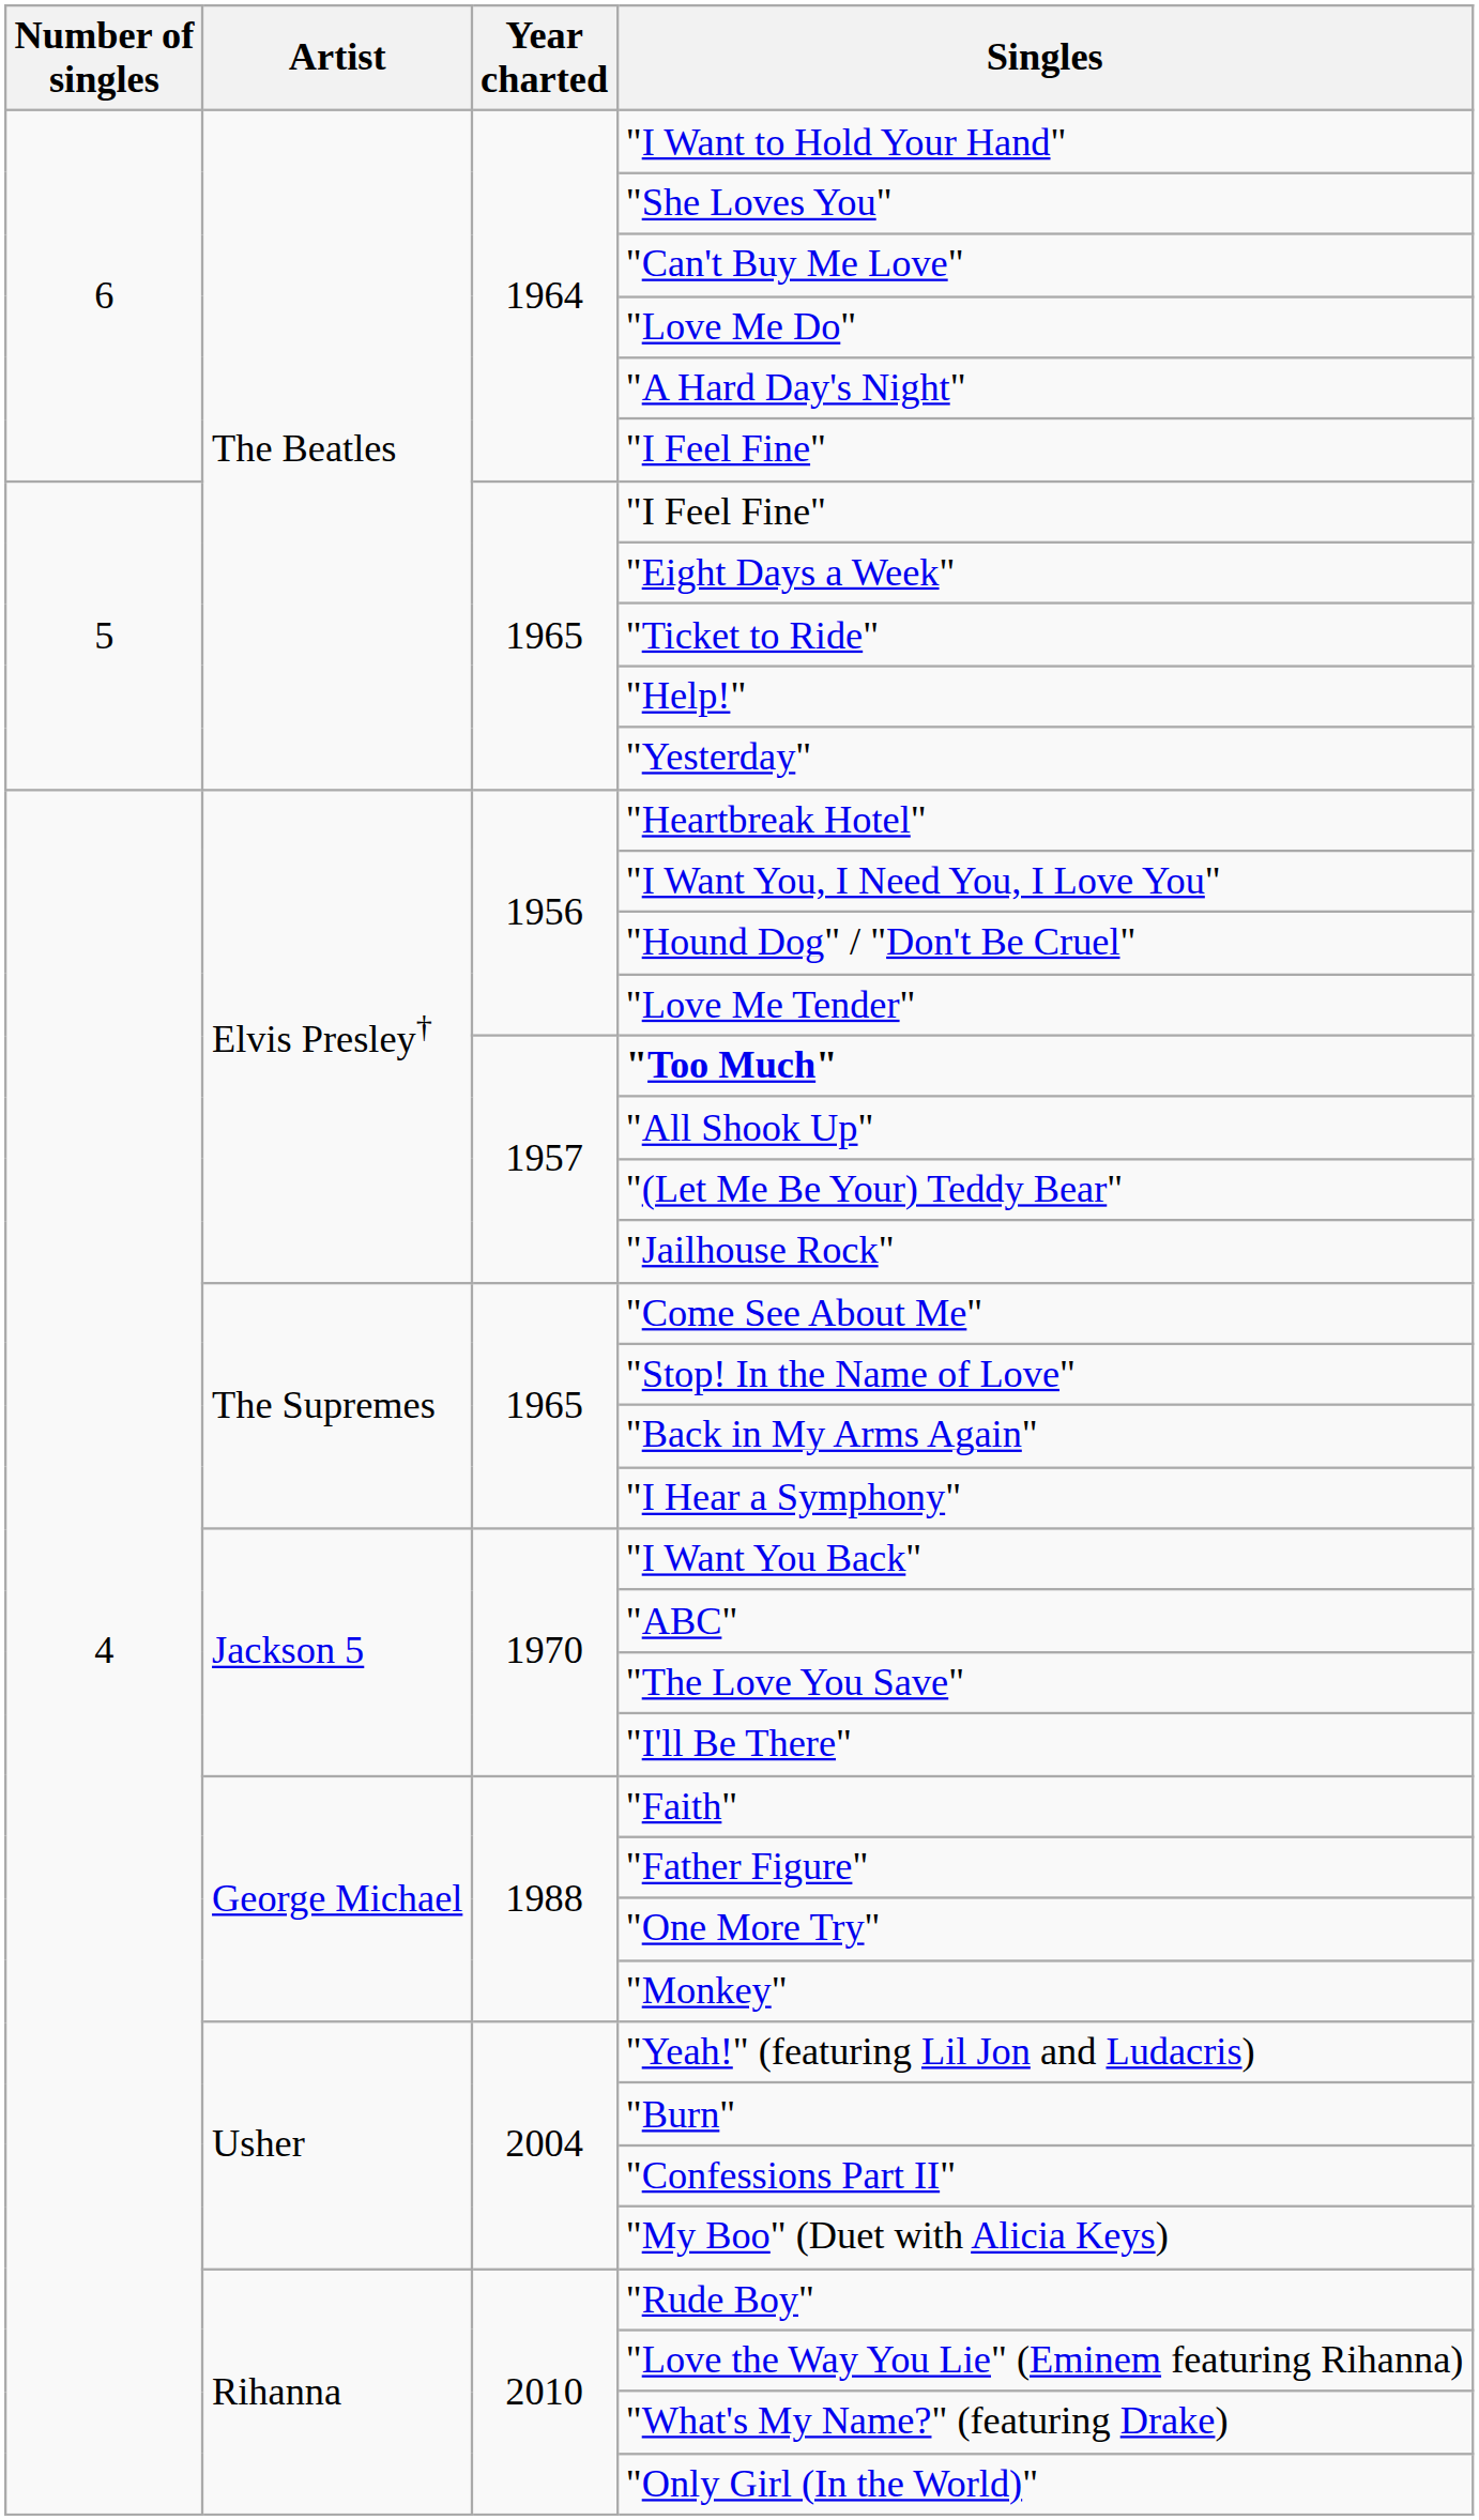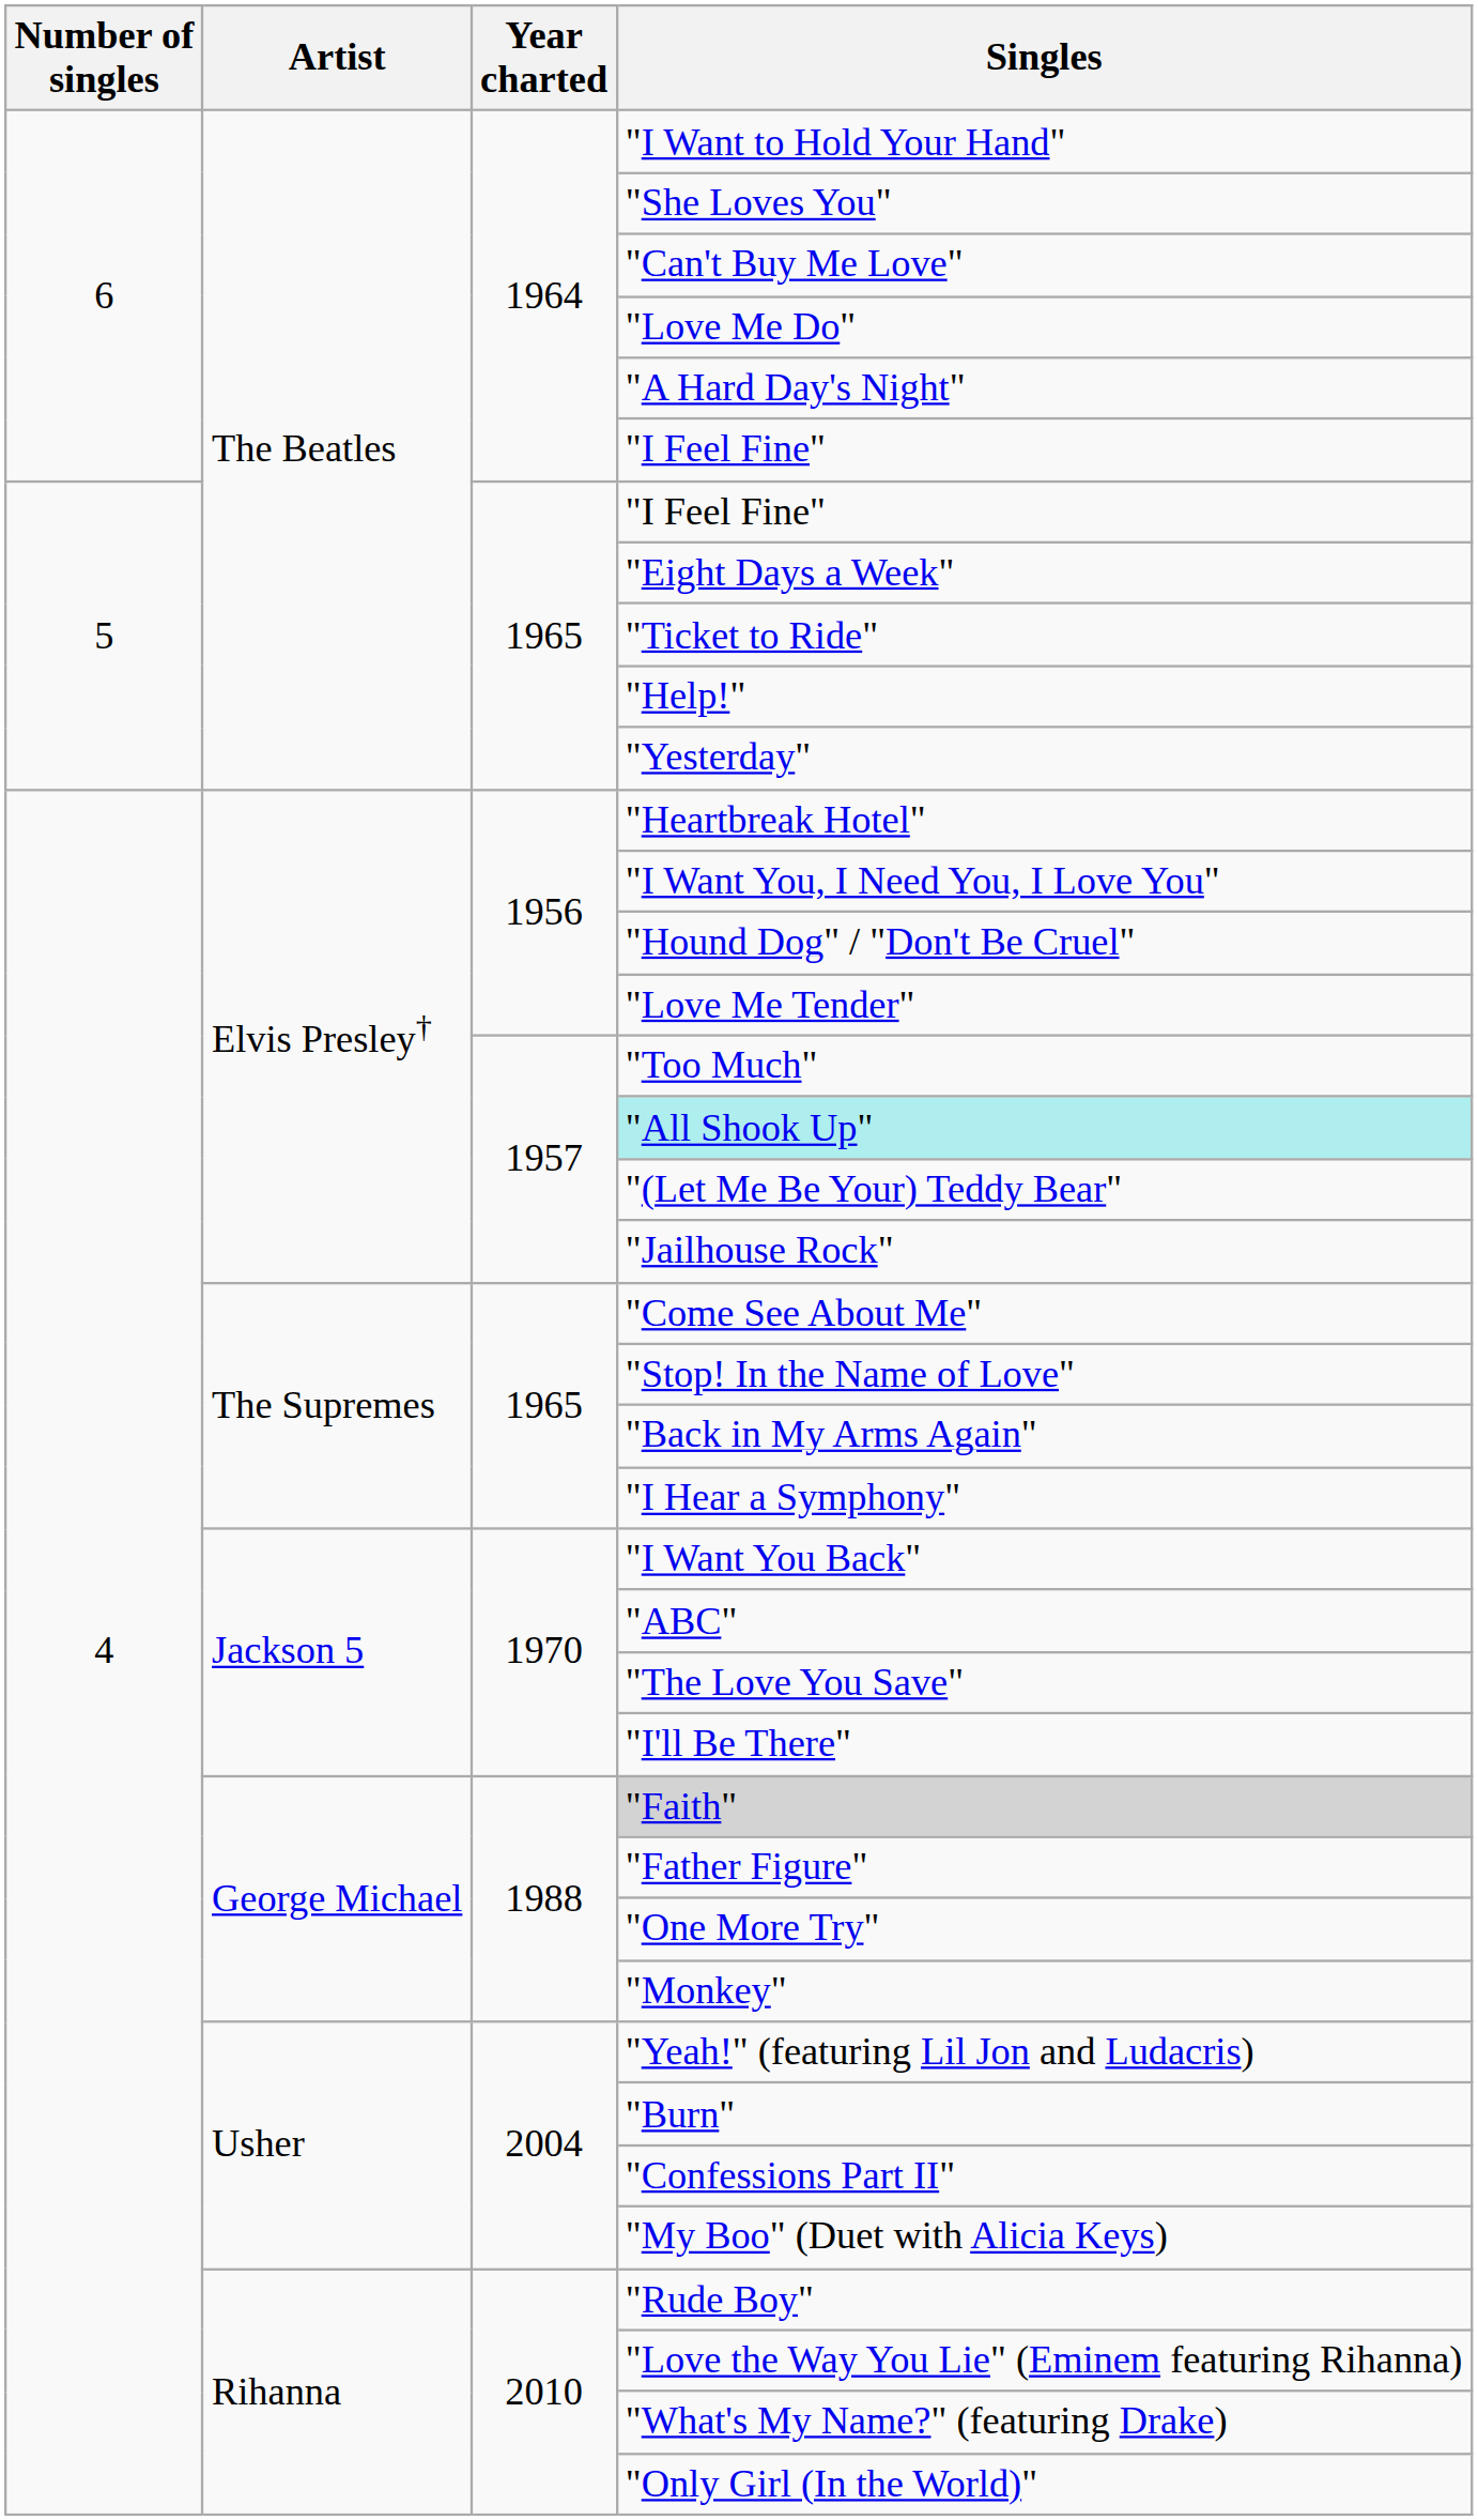 <table class="wikitable">
 <tr>
 <th>Number of<br>singles</th>
 <th>Artist</th>
 <th>Year<br>charted</th>
 <th>Singles</th>
 </tr>
 <tr>
 <td rowspan=6 style="text-align:center;">6</td>
 <td rowspan=11>The Beatles</td>
 <td rowspan=6 style="text-align:center;">1964</td>
 <td>"<a href='#'>I Want to Hold Your Hand</a>"</td>
 </tr>
 <tr>
 <td>"<a href='#'>She Loves You</a>"</td>
 </tr>
 <tr>
 <td>"<a href='#'>Can't Buy Me Love</a>"</td>
 </tr>
 <tr>
 <td>"<a href='#'>Love Me Do</a>"</td>
 </tr>
 <tr>
 <td>"<a href='#'>A Hard Day's Night</a>"</td>
 </tr>
 <tr>
 <td>"<a href='#'>I Feel Fine</a>"</td>
 </tr>
 <tr>
 <td rowspan=5 style="text-align:center;">5</td>
 <td rowspan=5 style="text-align:center;">1965</td>
 <td>"I Feel Fine"</td>
 </tr>
 <tr>
 <td>"<a href='#'>Eight Days a Week</a>"</td>
 </tr>
 <tr>
 <td>"<a href='#'>Ticket to Ride</a>"</td>
 </tr>
 <tr>
 <td>"<a href='#'>Help!</a>"</td>
 </tr>
 <tr>
 <td>"<a href='#'>Yesterday</a>"</td>
 </tr>
 <tr>
 <td rowspan=28 style="text-align:center;">4</td>
 <td rowspan=8>Elvis Presley<sup>†</sup></td>
 <td rowspan=4 style="text-align:center;">1956</td>
 <td>"<a href='#'>Heartbreak Hotel</a>"</td>
 </tr>
 <tr>
 <td>"<a href='#'>I Want You, I Need You, I Love You</a>"</td>
 </tr>
 <tr>
 <td>"<a href='#'>Hound Dog</a>" / "<a href='#'>Don't Be Cruel</a>"</td>
 </tr>
 <tr>
 <td>"<a href='#'>Love Me Tender</a>"</td>
 </tr>
 <tr>
 <td rowspan=4 style="text-align:center;">1957</td>
-<td><strong>"<a href='#'>Too Much</a>"</strong></td>
+<td>"<a href='#'>Too Much</a>"</td>
 </tr>
 <tr>
-<td>"<a href='#'>All Shook Up</a>"</td>
+<td style="background: paleturquoise;">"<a href='#'>All Shook Up</a>"</td>
 </tr>
 <tr>
 <td>"<a href='#'>(Let Me Be Your) Teddy Bear</a>"</td>
 </tr>
 <tr>
 <td>"<a href='#'>Jailhouse Rock</a>"</td>
 </tr>
 <tr>
 <td rowspan=4>The Supremes</td>
 <td rowspan=4 style="text-align:center;">1965</td>
 <td>"<a href='#'>Come See About Me</a>"</td>
 </tr>
 <tr>
 <td>"<a href='#'>Stop! In the Name of Love</a>"</td>
 </tr>
 <tr>
 <td>"<a href='#'>Back in My Arms Again</a>"</td>
 </tr>
 <tr>
 <td>"<a href='#'>I Hear a Symphony</a>"</td>
 </tr>
 <tr>
 <td rowspan=4><a href='#'>Jackson 5</a></td>
 <td rowspan=4 style="text-align:center;">1970</td>
 <td>"<a href='#'>I Want You Back</a>"</td>
 </tr>
 <tr>
 <td>"<a href='#'>ABC</a>"</td>
 </tr>
 <tr>
 <td>"<a href='#'>The Love You Save</a>"</td>
 </tr>
 <tr>
 <td>"<a href='#'>I'll Be There</a>"</td>
 </tr>
 <tr>
 <td rowspan=4><a href='#'>George Michael</a></td>
 <td rowspan=4 style="text-align:center;">1988</td>
-<td>"<a href='#'>Faith</a>"</td>
+<td style="background: lightgrey;">"<a href='#'>Faith</a>"</td>
 </tr>
 <tr>
 <td>"<a href='#'>Father Figure</a>"</td>
 </tr>
 <tr>
 <td>"<a href='#'>One More Try</a>"</td>
 </tr>
 <tr>
 <td>"<a href='#'>Monkey</a>"</td>
 </tr>
 <tr>
 <td rowspan=4>Usher</td>
 <td rowspan=4 style="text-align:center;">2004</td>
 <td>"<a href='#'>Yeah!</a>" (featuring <a href='#'>Lil Jon</a> and <a href='#'>Ludacris</a>)</td>
 </tr>
 <tr>
 <td>"<a href='#'>Burn</a>"</td>
 </tr>
 <tr>
 <td>"<a href='#'>Confessions Part II</a>"</td>
 </tr>
 <tr>
 <td>"<a href='#'>My Boo</a>" (Duet with <a href='#'>Alicia Keys</a>)</td>
 </tr>
 <tr>
 <td rowspan=4>Rihanna</td>
 <td rowspan=4 style="text-align:center;">2010</td>
 <td>"<a href='#'>Rude Boy</a>"</td>
 </tr>
 <tr>
 <td>"<a href='#'>Love the Way You Lie</a>" (<a href='#'>Eminem</a> featuring Rihanna)</td>
 </tr>
 <tr>
 <td>"<a href='#'>What's My Name?</a>" (featuring <a href='#'>Drake</a>)</td>
 </tr>
 <tr>
 <td>"<a href='#'>Only Girl (In the World)</a>"</td>
 </tr>
 </table>
